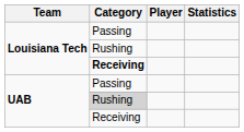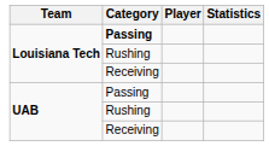 <table class="wikitable" style="float: right;">
 <tr>
 <th>Team</th>
 <th>Category</th>
 <th>Player</th>
 <th>Statistics</th>
 </tr>
 <tr>
 <td rowspan=3><strong>Louisiana Tech</strong></td>
+<td><strong>Passing</strong></td>
+<td></td>
+<td></td>
+</tr>
+<tr>
+<td>Rushing</td>
+<td></td>
+<td></td>
+</tr>
+<tr>
+<td>Receiving</td>
+<td></td>
+<td></td>
+</tr>
+<tr>
+<td rowspan=3><strong>UAB</strong></td>
 <td>Passing</td>
 <td></td>
 <td></td>
 </tr>
 <tr>
 <td>Rushing</td>
 <td></td>
 <td></td>
 </tr>
 <tr>
-<td><strong>Receiving</strong></td>
-<td></td>
-<td></td>
-</tr>
-<tr>
-<td rowspan=3><strong>UAB</strong></td>
-<td>Passing</td>
-<td></td>
-<td></td>
-</tr>
-<tr>
-<td style="background: lightgrey;">Rushing</td>
-<td></td>
-<td></td>
-</tr>
-<tr>
 <td>Receiving</td>
 <td></td>
 <td></td>
 </tr>
 </table>
